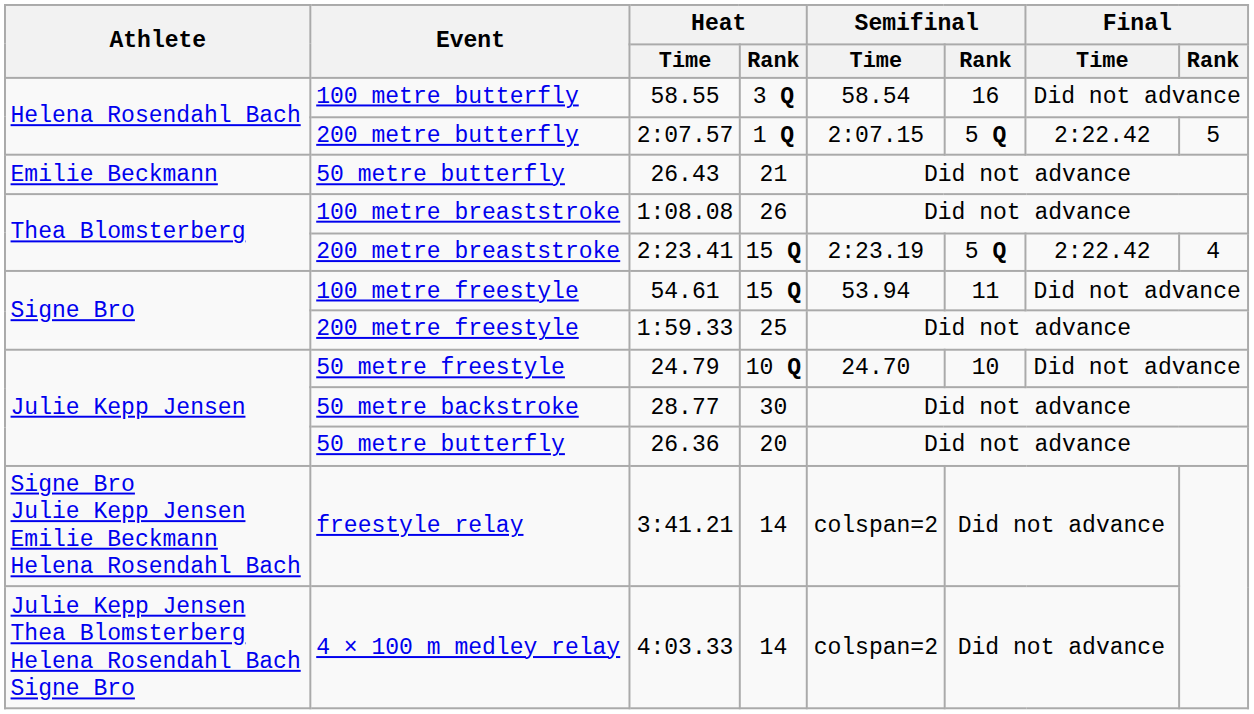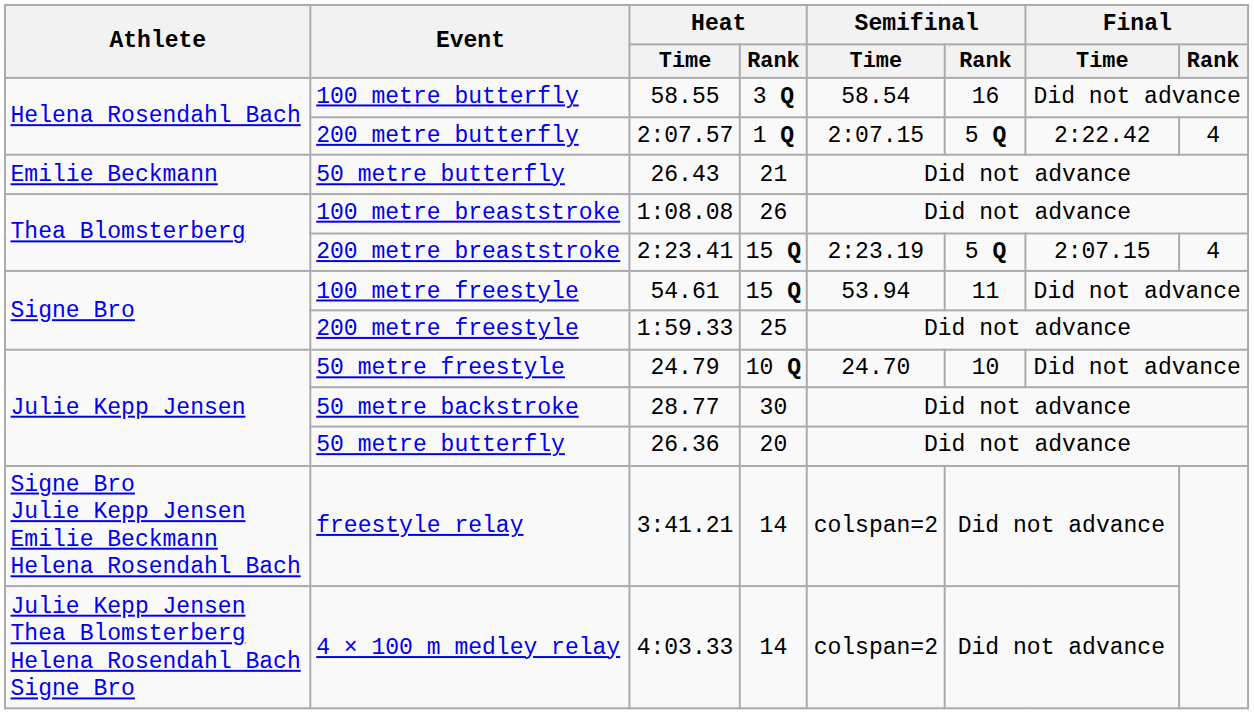 <table class="wikitable" style="text-align:center; font-size:90%; width:50%;">
 <tr>
 <th rowspan="2">Athlete</th>
 <th rowspan="2">Event</th>
 <th colspan="2">Heat</th>
 <th colspan="2">Semifinal</th>
 <th colspan="2">Final</th>
 </tr>
 <tr style="font-size:95%">
 <th>Time</th>
 <th>Rank</th>
 <th>Time</th>
 <th>Rank</th>
 <th>Time</th>
 <th>Rank</th>
 </tr>
 <tr>
 <td align=left rowspan=2><a href='#'>Helena Rosendahl Bach</a></td>
 <td align=left><a href='#'>100 metre butterfly</a></td>
 <td>58.55</td>
 <td>3 <strong>Q</strong></td>
 <td>58.54</td>
 <td>16</td>
 <td colspan="2">Did not advance</td>
 </tr>
 <tr>
 <td align=left><a href='#'>200 metre butterfly</a></td>
 <td>2:07.57</td>
 <td>1 <strong>Q</strong></td>
 <td>2:07.15</td>
 <td>5 <strong>Q</strong></td>
 <td>2:22.42</td>
-<td>5</td>
+<td>4</td>
 </tr>
 <tr>
 <td align=left><a href='#'>Emilie Beckmann</a></td>
 <td align=left><a href='#'>50 metre butterfly</a></td>
 <td>26.43</td>
 <td>21</td>
 <td colspan=4>Did not advance</td>
 </tr>
 <tr>
 <td align=left rowspan=2><a href='#'>Thea Blomsterberg</a></td>
 <td align=left><a href='#'>100 metre breaststroke</a></td>
 <td>1:08.08</td>
 <td>26</td>
 <td colspan=4>Did not advance</td>
 </tr>
 <tr>
 <td align=left><a href='#'>200 metre breaststroke</a></td>
 <td>2:23.41</td>
 <td>15 <strong>Q</strong></td>
 <td>2:23.19</td>
 <td>5 <strong>Q</strong></td>
-<td>2:22.42</td>
+<td>2:07.15</td>
 <td>4</td>
 </tr>
 <tr>
 <td align=left rowspan=2><a href='#'>Signe Bro</a></td>
 <td align=left><a href='#'>100 metre freestyle</a></td>
 <td>54.61</td>
 <td>15 <strong>Q</strong></td>
 <td>53.94</td>
 <td>11</td>
 <td colspan=2>Did not advance</td>
 </tr>
 <tr>
 <td align=left><a href='#'>200 metre freestyle</a></td>
 <td>1:59.33</td>
 <td>25</td>
 <td colspan=4>Did not advance</td>
 </tr>
 <tr>
 <td align=left rowspan=3><a href='#'>Julie Kepp Jensen</a></td>
 <td align=left><a href='#'>50 metre freestyle</a></td>
 <td>24.79</td>
 <td>10 <strong>Q</strong></td>
 <td>24.70</td>
 <td>10</td>
 <td colspan=2>Did not advance</td>
 </tr>
 <tr>
 <td align=left><a href='#'>50 metre backstroke</a></td>
 <td>28.77</td>
 <td>30</td>
 <td colspan=4>Did not advance</td>
 </tr>
 <tr>
 <td align=left><a href='#'>50 metre butterfly</a></td>
 <td>26.36</td>
 <td>20</td>
 <td colspan=4>Did not advance</td>
 </tr>
 <tr align=center>
 <td align=left><a href='#'>Signe Bro</a><br> <a href='#'>Julie Kepp Jensen</a><br> <a href='#'>Emilie Beckmann</a><br> <a href='#'>Helena Rosendahl Bach</a></td>
 <td align=left><a href='#'> freestyle relay</a></td>
 <td>3:41.21</td>
 <td>14</td>
 <td>colspan=2 </td>
 <td colspan=2>Did not advance</td>
 </tr>
 <tr>
 <td align=left><a href='#'>Julie Kepp Jensen</a><br><a href='#'>Thea Blomsterberg</a> <br><a href='#'>Helena Rosendahl Bach</a> <br> <a href='#'>Signe Bro</a></td>
 <td align=left><a href='#'>4 × 100 m medley relay</a></td>
 <td>4:03.33</td>
 <td>14</td>
 <td>colspan=2 </td>
 <td colspan=2>Did not advance</td>
 </tr>
 </table>
